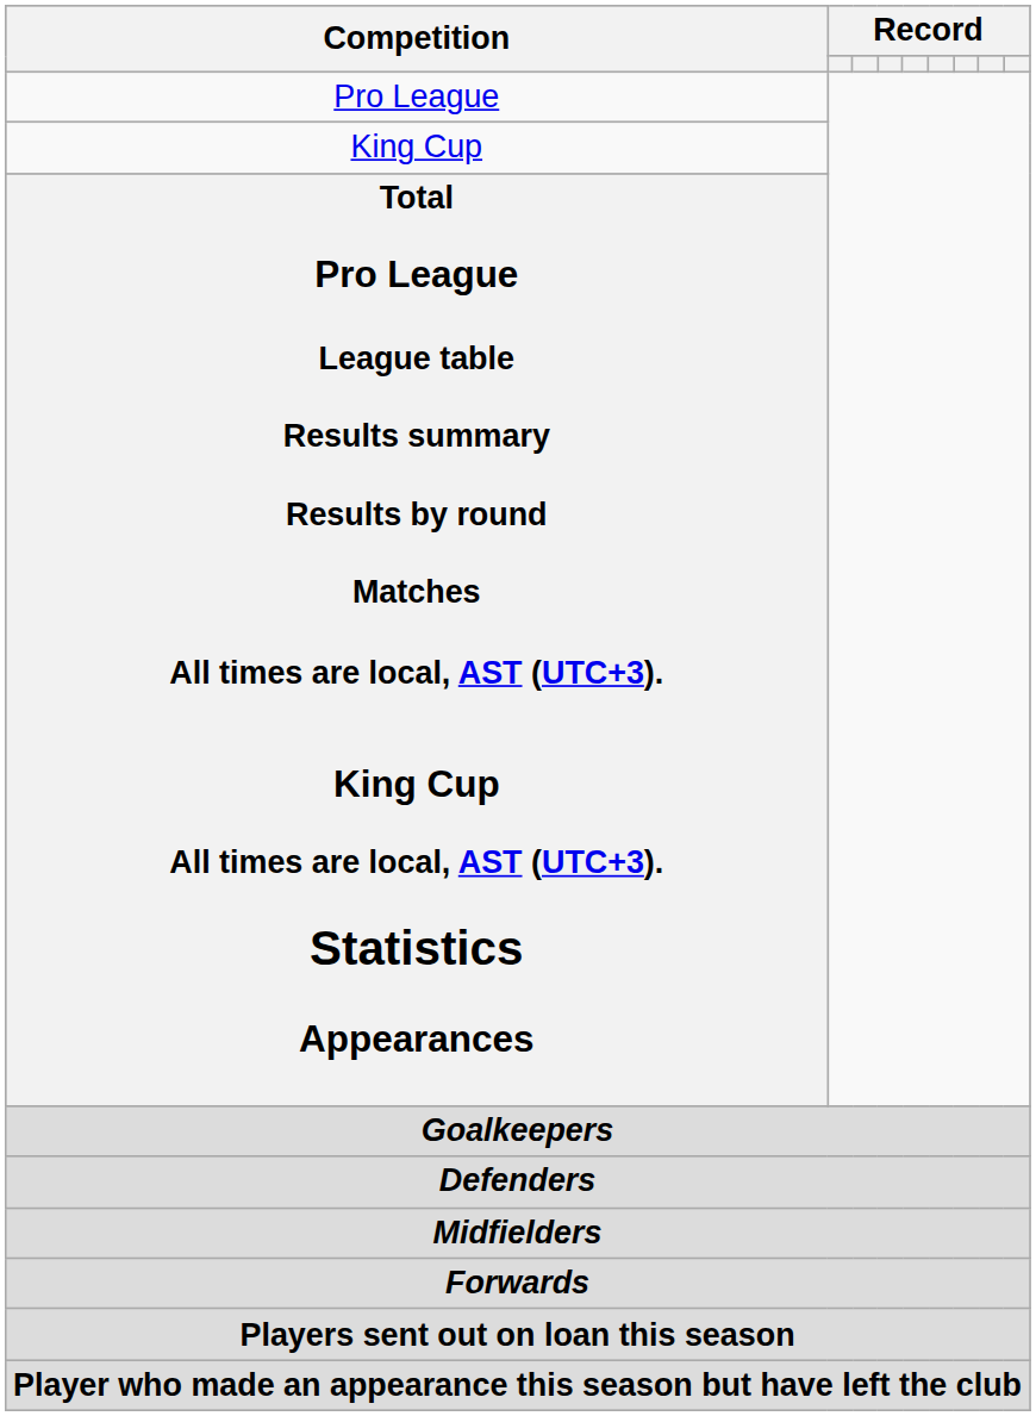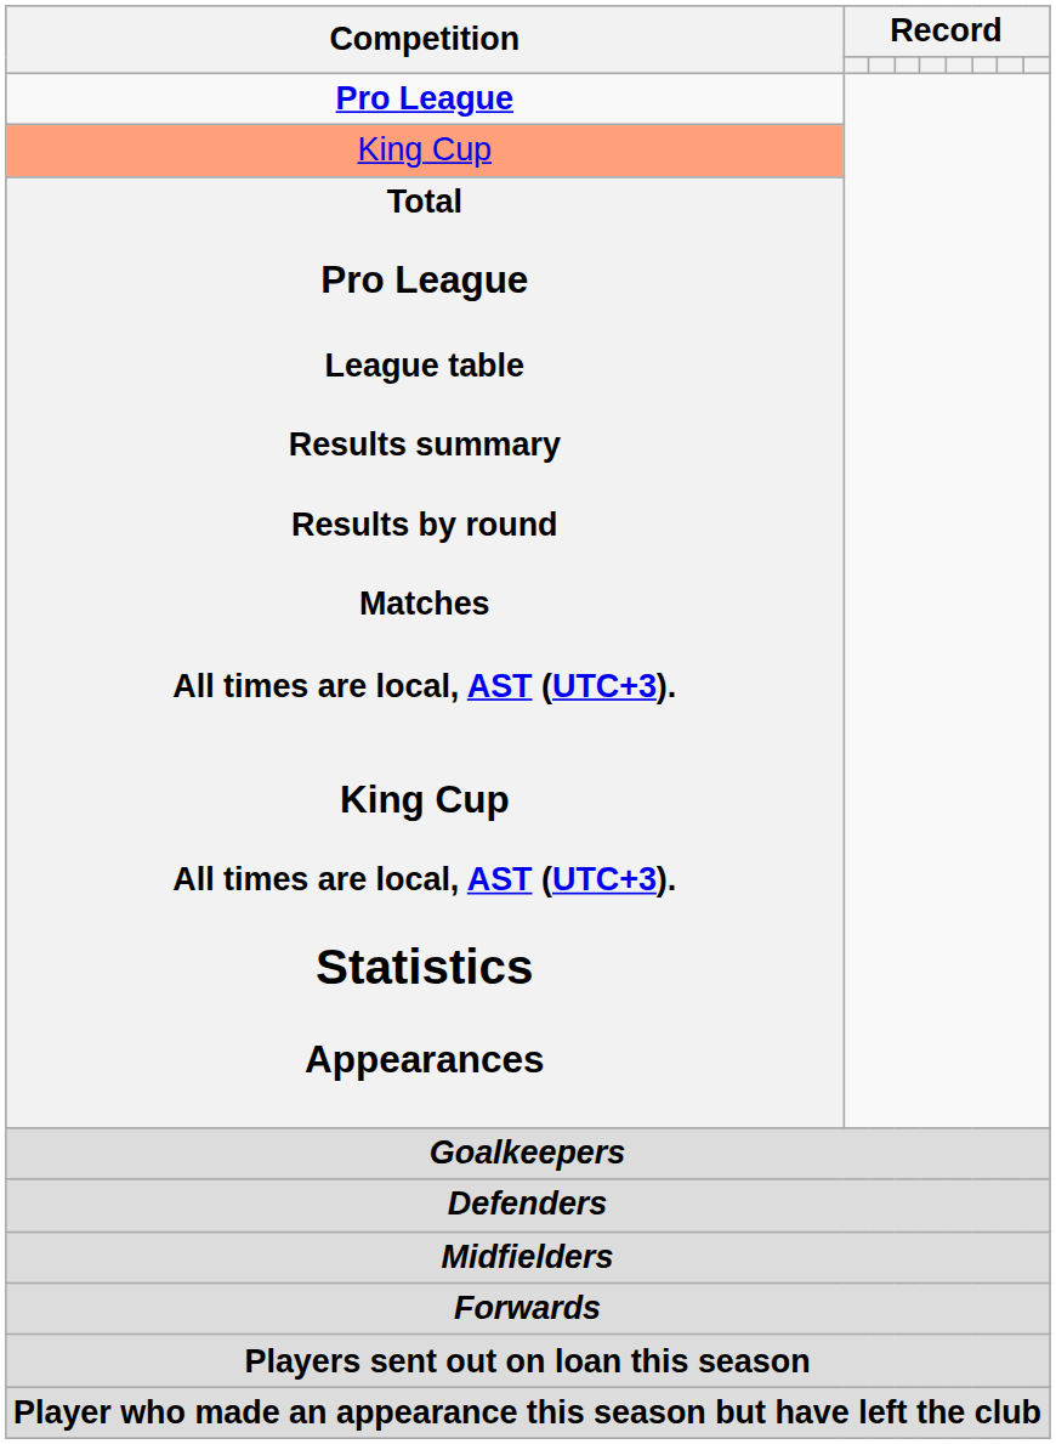 <table class="wikitable" style="text-align: center">
 <tr>
 <th rowspan=2>Competition</th>
 <th colspan=8>Record</th>
 </tr>
 <tr>
 <th></th>
 <th></th>
 <th></th>
 <th></th>
 <th></th>
 <th></th>
 <th></th>
 <th></th>
 </tr>
 <tr>
-<td><a href='#'>Pro League</a><br></td>
+<td><strong><a href='#'>Pro League</a><br></strong></td>
 </tr>
 <tr>
-<td><a href='#'>King Cup</a><br></td>
+<td style="background: lightsalmon;"><a href='#'>King Cup</a><br></td>
 </tr>
 <tr>
 <th>Total<br> <h3>Pro League</h3><h4>League table</h4><h4>Results summary</h4> <h4>Results by round</h4><h4>Matches</h4>All times are local, <a href='#'>AST</a> (<a href='#'>UTC+3</a>).<br>   <br>                                 <h3>King Cup</h3> All times are local, <a href='#'>AST</a> (<a href='#'>UTC+3</a>).<br> <h2>Statistics</h2><h3>Appearances</h3></th>
 </tr>
 <tr>
 <th colspan=10 style=background:#dcdcdc; text-align:center><em>Goalkeepers</em><br>  </th>
 </tr>
 <tr>
 <th colspan=10 style=background:#dcdcdc; text-align:center><em>Defenders</em><br>          </th>
 </tr>
 <tr>
 <th colspan=10 style=background:#dcdcdc; text-align:center><em>Midfielders</em><br>              </th>
 </tr>
 <tr>
 <th colspan=10 style=background:#dcdcdc; text-align:center><em>Forwards</em><br>    </th>
 </tr>
 <tr>
 <th colspan=14 style=background:#dcdcdc; text-align:center>Players sent out on loan this season<br>  </th>
 </tr>
 <tr>
 <th colspan=18 style=background:#dcdcdc; text-align:center>Player who made an appearance this season but have left the club<br>  </th>
 </tr>
 </table>
